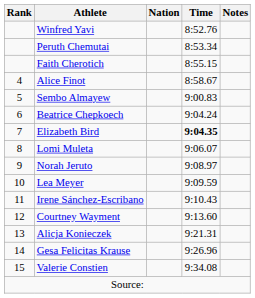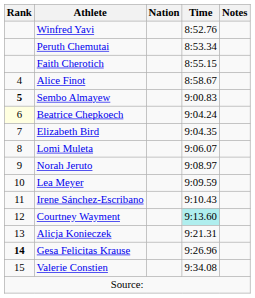 <table class="wikitable sortable" style="text-align:center;">
 <tr>
 <th scope="col">Rank</th>
 <th scope="col">Athlete</th>
 <th scope="col">Nation</th>
 <th scope="col">Time</th>
 <th scope="col">Notes</th>
 </tr>
 <tr>
 <td></td>
 <td align=left><a href='#'>Winfred Yavi</a></td>
 <td align=left></td>
 <td>8:52.76</td>
 <td></td>
 </tr>
 <tr>
 <td></td>
 <td align=left><a href='#'>Peruth Chemutai</a></td>
 <td align=left></td>
 <td>8:53.34<br></td>
 <td></td>
 </tr>
 <tr>
 <td></td>
 <td align=left><a href='#'>Faith Cherotich</a></td>
 <td align=left></td>
 <td>8:55.15</td>
 <td></td>
 </tr>
 <tr>
 <td>4</td>
 <td align=left><a href='#'>Alice Finot</a></td>
 <td align=left></td>
 <td>8:58.67</td>
 <td></td>
 </tr>
 <tr>
-<td>5</td>
+<td><strong>5</strong></td>
 <td align=left><a href='#'>Sembo Almayew</a></td>
 <td align=left></td>
 <td>9:00.83</td>
 <td></td>
 </tr>
 <tr>
-<td>6</td>
+<td style="background: lightyellow;">6</td>
 <td align=left><a href='#'>Beatrice Chepkoech</a></td>
 <td align=left></td>
 <td>9:04.24</td>
 <td></td>
 </tr>
 <tr>
 <td>7</td>
 <td align=left><a href='#'>Elizabeth Bird</a></td>
 <td align=left></td>
-<td><strong>9:04.35</strong></td>
+<td>9:04.35</td>
 <td></td>
 </tr>
 <tr>
 <td>8</td>
 <td align=left><a href='#'>Lomi Muleta</a></td>
 <td align=left></td>
 <td>9:06.07</td>
 <td></td>
 </tr>
 <tr>
 <td>9</td>
 <td align=left><a href='#'>Norah Jeruto</a></td>
 <td align=left></td>
 <td>9:08.97</td>
 <td></td>
 </tr>
 <tr>
 <td>10</td>
 <td align=left><a href='#'>Lea Meyer</a></td>
 <td align=left></td>
 <td>9:09.59</td>
 <td></td>
 </tr>
 <tr>
 <td>11</td>
 <td align=left><a href='#'>Irene Sánchez-Escribano</a></td>
 <td align=left></td>
 <td>9:10.43</td>
 <td></td>
 </tr>
 <tr>
 <td>12</td>
 <td align=left><a href='#'>Courtney Wayment</a></td>
 <td align=left></td>
-<td>9:13.60</td>
+<td style="background: paleturquoise;">9:13.60</td>
 <td></td>
 </tr>
 <tr>
 <td>13</td>
 <td align=left><a href='#'>Alicja Konieczek</a></td>
 <td align=left></td>
 <td>9:21.31</td>
 <td></td>
 </tr>
 <tr>
-<td>14</td>
+<td><strong>14</strong></td>
 <td align=left><a href='#'>Gesa Felicitas Krause</a></td>
 <td align=left></td>
 <td>9:26.96</td>
 <td></td>
 </tr>
 <tr>
 <td>15</td>
 <td align=left><a href='#'>Valerie Constien</a></td>
 <td align=left></td>
 <td>9:34.08</td>
 <td></td>
 </tr>
 <tr class="sortbottom">
 <td colspan=5>Source:</td>
 </tr>
 </table>
